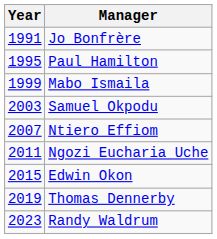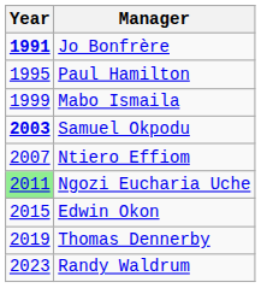 <table class="wikitable">
 <tr>
 <th>Year</th>
 <th>Manager</th>
 </tr>
 <tr>
-<td align=center><a href='#'>1991</a></td>
+<td align=center><strong><a href='#'>1991</a></strong></td>
 <td> <a href='#'>Jo Bonfrère</a></td>
 </tr>
 <tr>
 <td align=center><a href='#'>1995</a></td>
 <td> <a href='#'>Paul Hamilton</a></td>
 </tr>
 <tr>
 <td align=center><a href='#'>1999</a></td>
 <td> <a href='#'>Mabo Ismaila</a></td>
 </tr>
 <tr>
-<td align=center><a href='#'>2003</a></td>
+<td align=center><strong><a href='#'>2003</a></strong></td>
 <td> <a href='#'>Samuel Okpodu</a></td>
 </tr>
 <tr>
 <td align=center><a href='#'>2007</a></td>
 <td> <a href='#'>Ntiero Effiom</a></td>
 </tr>
 <tr>
-<td align=center><a href='#'>2011</a></td>
+<td align=center style="background: lightgreen;"><a href='#'>2011</a></td>
 <td> <a href='#'>Ngozi Eucharia Uche</a></td>
 </tr>
 <tr>
 <td align=center><a href='#'>2015</a></td>
 <td> <a href='#'>Edwin Okon</a></td>
 </tr>
 <tr>
 <td align=center><a href='#'>2019</a></td>
 <td> <a href='#'>Thomas Dennerby</a></td>
 </tr>
 <tr>
 <td align=center><a href='#'>2023</a></td>
 <td> <a href='#'>Randy Waldrum</a></td>
 </tr>
 </table>
